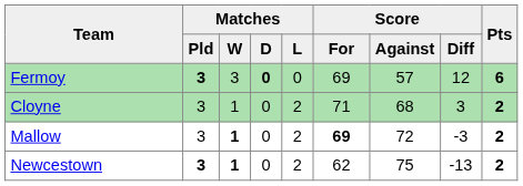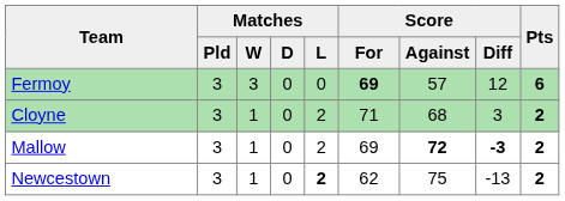 <table style=border-collapse:collapse border=1 cellspacing=0 cellpadding=5>
 <tr align=center bgcolor=#efefef>
 <th rowspan=2 width=165>Team</th>
 <th colspan=4>Matches</th>
 <th colspan=3>Score</th>
 <th rowspan=2width=20>Pts</th>
 </tr>
 <tr align=center bgcolor=#efefef>
 <th width=20>Pld</th>
 <th width=20>W</th>
 <th width=20>D</th>
 <th width=20>L</th>
 <th width=45>For</th>
 <th width=45>Against</th>
 <th width=30>Diff</th>
 </tr>
 <tr align=center style="background:#ACE1AF;">
 <td style="text-align:left;"><a href='#'>Fermoy</a></td>
-<td><strong>3</strong></td>
 <td>3</td>
-<td><strong>0</strong></td>
+<td>3</td>
 <td>0</td>
-<td>69</td>
+<td>0</td>
+<td><strong>69</strong></td>
 <td>57</td>
 <td>12</td>
 <td><strong>6</strong></td>
 </tr>
 <tr align=center style="background:#ACE1AF;">
 <td style="text-align:left;"><a href='#'>Cloyne</a></td>
 <td>3</td>
 <td>1</td>
 <td>0</td>
 <td>2</td>
 <td>71</td>
 <td>68</td>
 <td>3</td>
 <td><strong>2</strong></td>
 </tr>
 <tr align=center>
 <td style="text-align:left;"><a href='#'>Mallow</a></td>
 <td>3</td>
-<td><strong>1</strong></td>
+<td>1</td>
 <td>0</td>
 <td>2</td>
-<td><strong>69</strong></td>
-<td>72</td>
-<td>-3</td>
+<td>69</td>
+<td><strong>72</strong></td>
+<td><strong>-3</strong></td>
 <td><strong>2</strong></td>
 </tr>
 <tr align=center>
 <td style="text-align:left;"><a href='#'>Newcestown</a></td>
-<td><strong>3</strong></td>
-<td><strong>1</strong></td>
+<td>3</td>
+<td>1</td>
 <td>0</td>
-<td>2</td>
+<td><strong>2</strong></td>
 <td>62</td>
 <td>75</td>
 <td>-13</td>
 <td><strong>2</strong></td>
 </tr>
 </table>
